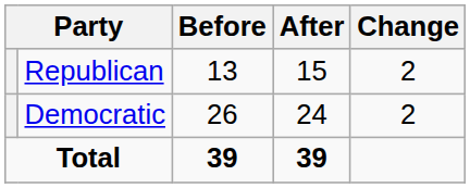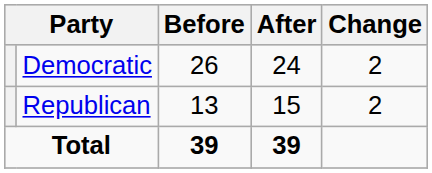 <table class="wikitable" style="text-align:center;">
 <tr>
 <th colspan="2">Party</th>
 <th>Before</th>
 <th>After</th>
 <th>Change</th>
 </tr>
 <tr>
 <th style="background-color:"></th>
-<td style="text-align:left;"><a href='#'>Republican</a></td>
-<td>13</td>
-<td>15</td>
+<td style="text-align:left;"><a href='#'>Democratic</a></td>
+<td>26</td>
+<td>24</td>
 <td> 2</td>
 </tr>
 <tr>
 <th style="background-color:"></th>
-<td style="text-align:left;"><a href='#'>Democratic</a></td>
-<td>26</td>
-<td>24</td>
+<td style="text-align:left;"><a href='#'>Republican</a></td>
+<td>13</td>
+<td>15</td>
 <td> 2</td>
 </tr>
 <tr>
 <td colspan="2"><strong>Total</strong></td>
 <td><strong>39</strong></td>
 <td><strong>39</strong></td>
 </tr>
 </table>
